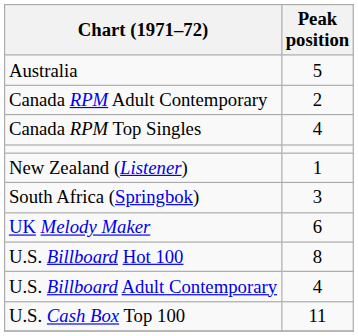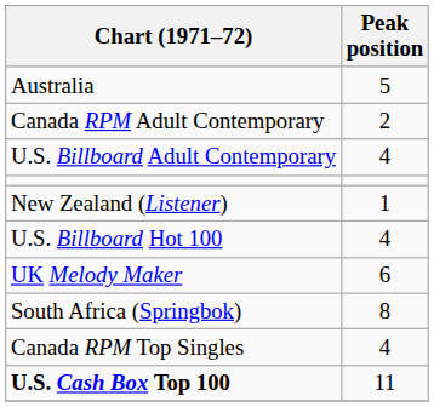 <table class="wikitable sortable">
 <tr>
 <th>Chart (1971–72)</th>
 <th>Peak<br>position</th>
 </tr>
 <tr>
 <td>Australia</td>
 <td style="text-align:center;">5</td>
 </tr>
 <tr>
 <td>Canada <em><a href='#'>RPM</a></em> Adult Contemporary</td>
 <td style="text-align:center;">2</td>
 </tr>
 <tr>
-<td>Canada <em>RPM</em> Top Singles</td>
+<td>U.S. <em><a href='#'>Billboard</a></em> <a href='#'>Adult Contemporary</a></td>
 <td style="text-align:center;">4</td>
 </tr>
 <tr>
 <td></td>
 </tr>
 <tr>
 <td>New Zealand (<em><a href='#'>Listener</a></em>)</td>
 <td style="text-align:center;">1</td>
 </tr>
 <tr>
-<td>South Africa (<a href='#'>Springbok</a>)</td>
-<td align="center">3</td>
+<td>U.S. <em><a href='#'>Billboard</a></em> <a href='#'>Hot 100</a></td>
+<td align="center">4</td>
 </tr>
 <tr>
 <td><a href='#'>UK</a> <em><a href='#'>Melody Maker</a></em></td>
 <td style="text-align:center;">6</td>
 </tr>
 <tr>
-<td>U.S. <em><a href='#'>Billboard</a></em> <a href='#'>Hot 100</a></td>
+<td>South Africa (<a href='#'>Springbok</a>)</td>
 <td style="text-align:center;">8</td>
 </tr>
 <tr>
-<td>U.S. <em><a href='#'>Billboard</a></em> <a href='#'>Adult Contemporary</a></td>
+<td>Canada <em>RPM</em> Top Singles</td>
 <td style="text-align:center;">4</td>
 </tr>
 <tr>
-<td>U.S. <a href='#'><em>Cash Box</em></a> Top 100</td>
+<td><strong>U.S. <a href='#'><em>Cash Box</em></a> Top 100</strong></td>
 <td align="center">11</td>
 </tr>
 <tr>
 </tr>
 </table>
